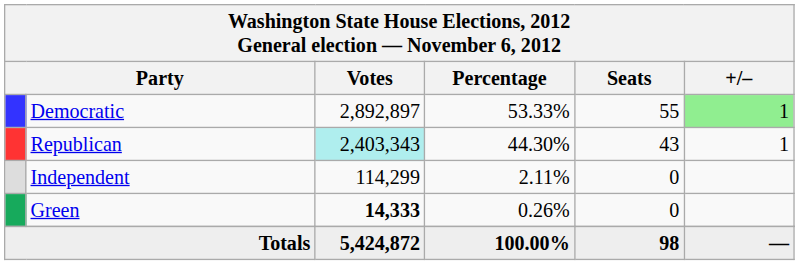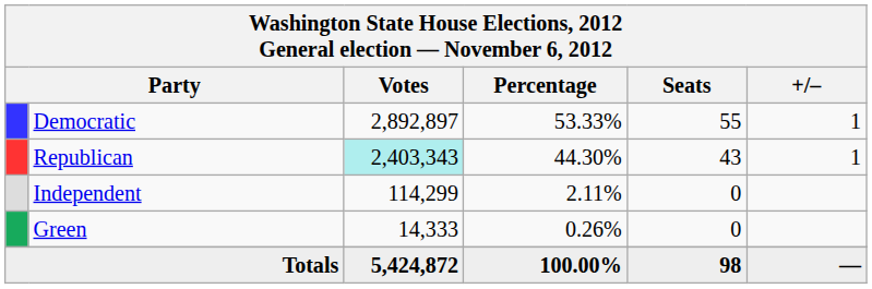 <table class="wikitable" style="font-size: 95%;">
 <tr>
 <th colspan="6">Washington State House Elections, 2012<br>General election — November 6, 2012</th>
 </tr>
 <tr>
 <th colspan="2" style="width: 15em">Party</th>
 <th style="width: 5em">Votes</th>
 <th style="width: 7em">Percentage</th>
 <th style="width: 5em">Seats</th>
 <th style="width: 5em">+/–</th>
 </tr>
 <tr>
 <th style="background-color:#3333FF; width: 3px"></th>
 <td style="width: 130px"><a href='#'>Democratic</a></td>
 <td align="right">2,892,897</td>
 <td align="right">53.33%</td>
 <td align="right">55</td>
-<td align="right" style="background: lightgreen;"> 1</td>
+<td align="right"> 1</td>
 </tr>
 <tr>
 <th style="background-color:#FF3333; width: 3px"></th>
 <td style="width: 130px"><a href='#'>Republican</a></td>
 <td align="right" style="background: paleturquoise;">2,403,343</td>
 <td align="right">44.30%</td>
 <td align="right">43</td>
 <td align="right"> 1</td>
 </tr>
 <tr>
 <th style="background-color:#DDDDDD; width: 3px"></th>
 <td style="width: 130px"><a href='#'>Independent</a></td>
 <td align="right">114,299</td>
 <td align="right">2.11%</td>
 <td align="right">0</td>
 <td align="right"></td>
 </tr>
 <tr>
 <th style="background-color:#17AA5C ; width: 3px"></th>
 <td style="width: 130px"><a href='#'>Green</a></td>
-<td align="right"><strong>14,333</strong></td>
+<td align="right">14,333</td>
 <td align="right">0.26%</td>
 <td align="right">0</td>
 <td align="right"></td>
 </tr>
 <tr>
 </tr>
 <tr bgcolor="#EEEEEE">
 <td colspan="2" align="right"><strong>Totals</strong></td>
 <td align="right"><strong>5,424,872</strong></td>
 <td align="right"><strong>100.00%</strong></td>
 <td align="right"><strong>98</strong></td>
 <td align="right"><strong>—</strong></td>
 </tr>
 </table>
